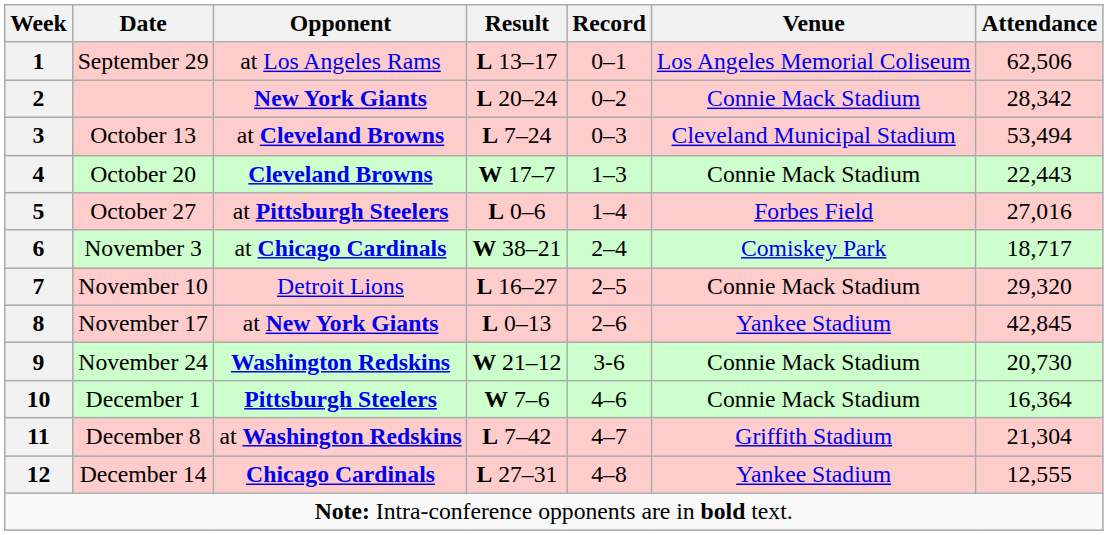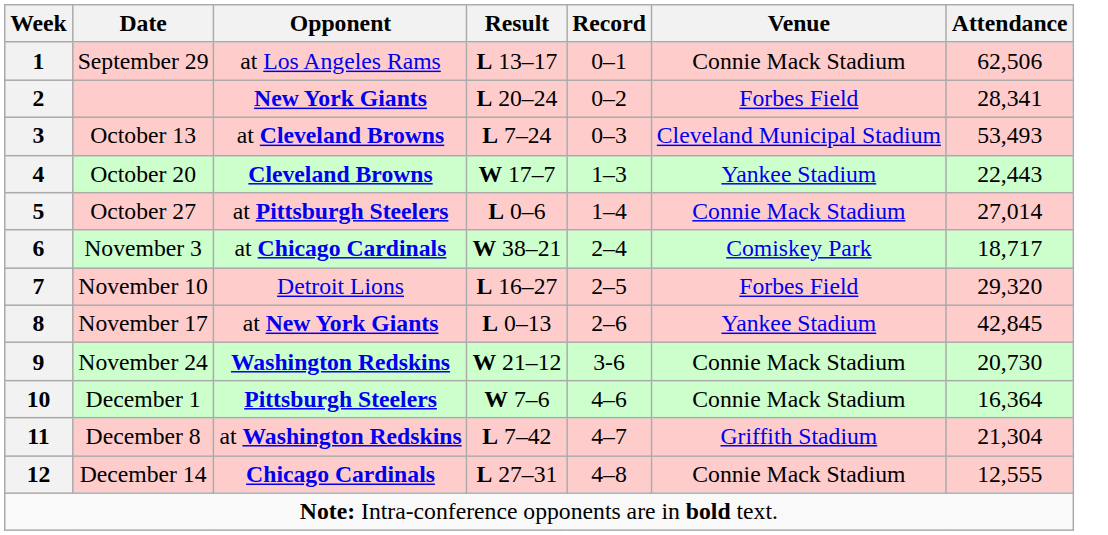 <table class="wikitable" style="text-align:center">
 <tr>
 <th>Week</th>
 <th>Date</th>
 <th>Opponent</th>
 <th>Result</th>
 <th>Record</th>
 <th>Venue</th>
 <th>Attendance</th>
 </tr>
 <tr style="background:#fcc">
 <th>1</th>
 <td>September 29</td>
 <td>at <a href='#'>Los Angeles Rams</a></td>
 <td><strong>L</strong> 13–17</td>
 <td>0–1</td>
-<td><a href='#'>Los Angeles Memorial Coliseum</a></td>
+<td>Connie Mack Stadium</td>
 <td>62,506</td>
 </tr>
 <tr style="background:#fcc">
 <th>2</th>
 <td></td>
 <td><strong><a href='#'>New York Giants</a></strong></td>
 <td><strong>L</strong> 20–24</td>
 <td>0–2</td>
-<td><a href='#'>Connie Mack Stadium</a></td>
-<td>28,342</td>
+<td><a href='#'>Forbes Field</a></td>
+<td>28,341</td>
 </tr>
 <tr style="background:#fcc">
 <th>3</th>
 <td>October 13</td>
 <td>at <strong><a href='#'>Cleveland Browns</a></strong></td>
 <td><strong>L</strong> 7–24</td>
 <td>0–3</td>
 <td><a href='#'>Cleveland Municipal Stadium</a></td>
-<td>53,494</td>
+<td>53,493</td>
 </tr>
 <tr style="background:#cfc">
 <th>4</th>
 <td>October 20</td>
 <td><strong><a href='#'>Cleveland Browns</a></strong></td>
 <td><strong>W</strong> 17–7</td>
 <td>1–3</td>
-<td>Connie Mack Stadium</td>
+<td><a href='#'>Yankee Stadium</a></td>
 <td>22,443</td>
 </tr>
 <tr style="background:#fcc">
 <th>5</th>
 <td>October 27</td>
 <td>at <strong><a href='#'>Pittsburgh Steelers</a></strong></td>
 <td><strong>L</strong> 0–6</td>
 <td>1–4</td>
-<td><a href='#'>Forbes Field</a></td>
-<td>27,016</td>
+<td><a href='#'>Connie Mack Stadium</a></td>
+<td>27,014</td>
 </tr>
 <tr style="background:#cfc">
 <th>6</th>
 <td>November 3</td>
 <td>at <strong><a href='#'>Chicago Cardinals</a></strong></td>
 <td><strong>W</strong> 38–21</td>
 <td>2–4</td>
 <td><a href='#'>Comiskey Park</a></td>
 <td>18,717</td>
 </tr>
 <tr style="background:#fcc">
 <th>7</th>
 <td>November 10</td>
 <td><a href='#'>Detroit Lions</a></td>
 <td><strong>L</strong> 16–27</td>
 <td>2–5</td>
-<td>Connie Mack Stadium</td>
+<td><a href='#'>Forbes Field</a></td>
 <td>29,320</td>
 </tr>
 <tr style="background:#fcc">
 <th>8</th>
 <td>November 17</td>
 <td>at <strong><a href='#'>New York Giants</a></strong></td>
 <td><strong>L</strong> 0–13</td>
 <td>2–6</td>
 <td><a href='#'>Yankee Stadium</a></td>
 <td>42,845</td>
 </tr>
 <tr style="background:#cfc">
 <th>9</th>
 <td>November 24</td>
 <td><strong><a href='#'>Washington Redskins</a></strong></td>
 <td><strong>W</strong> 21–12</td>
 <td>3-6</td>
 <td>Connie Mack Stadium</td>
 <td>20,730</td>
 </tr>
 <tr style="background:#cfc">
 <th>10</th>
 <td>December 1</td>
 <td><strong><a href='#'>Pittsburgh Steelers</a></strong></td>
 <td><strong>W</strong> 7–6</td>
 <td>4–6</td>
 <td>Connie Mack Stadium</td>
 <td>16,364</td>
 </tr>
 <tr style="background:#fcc">
 <th>11</th>
 <td>December 8</td>
 <td>at <strong><a href='#'>Washington Redskins</a></strong></td>
 <td><strong>L</strong> 7–42</td>
 <td>4–7</td>
 <td><a href='#'>Griffith Stadium</a></td>
 <td>21,304</td>
 </tr>
 <tr style="background:#fcc">
 <th>12</th>
 <td>December 14</td>
 <td><strong><a href='#'>Chicago Cardinals</a></strong></td>
 <td><strong>L</strong> 27–31</td>
 <td>4–8</td>
-<td><a href='#'>Yankee Stadium</a></td>
+<td>Connie Mack Stadium</td>
 <td>12,555</td>
 </tr>
 <tr>
 <td colspan="8"><strong>Note:</strong> Intra-conference opponents are in <strong>bold</strong> text.</td>
 </tr>
 </table>
